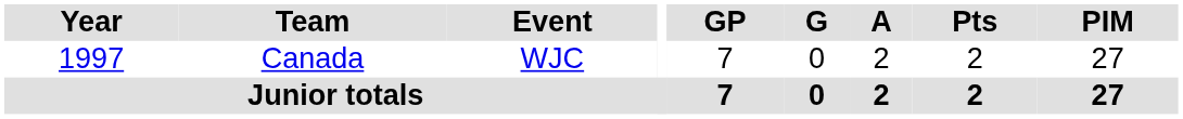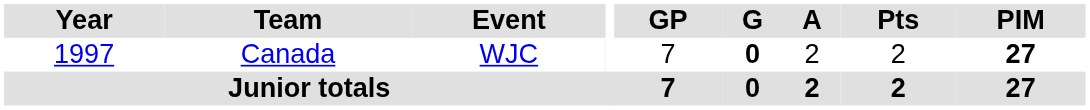 <table border="0" cellpadding="1" cellspacing="0" ID="Table3" style="text-align:center; width:40em">
 <tr bgcolor="#e0e0e0">
 <th>Year</th>
 <th>Team</th>
 <th>Event</th>
 <th rowspan="102" bgcolor="#ffffff"></th>
 <th>GP</th>
 <th>G</th>
 <th>A</th>
 <th>Pts</th>
 <th>PIM</th>
 </tr>
 <tr>
 <td><a href='#'>1997</a></td>
 <td><a href='#'>Canada</a></td>
 <td><a href='#'>WJC</a></td>
 <td>7</td>
-<td>0</td>
+<td><strong>0</strong></td>
 <td>2</td>
 <td>2</td>
-<td>27</td>
+<td><strong>27</strong></td>
 </tr>
 <tr bgcolor="#e0e0e0">
 <th colspan="4">Junior totals</th>
 <th>7</th>
 <th>0</th>
 <th>2</th>
 <th>2</th>
 <th>27</th>
 </tr>
 </table>
